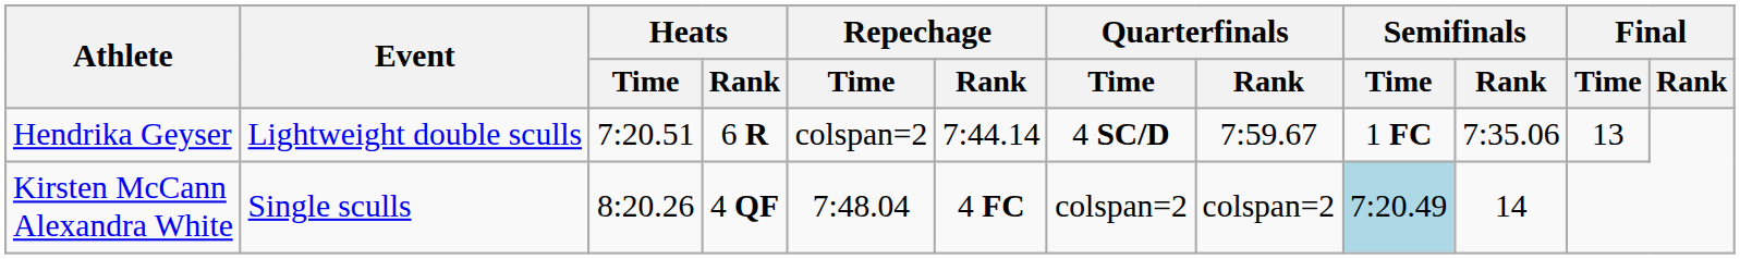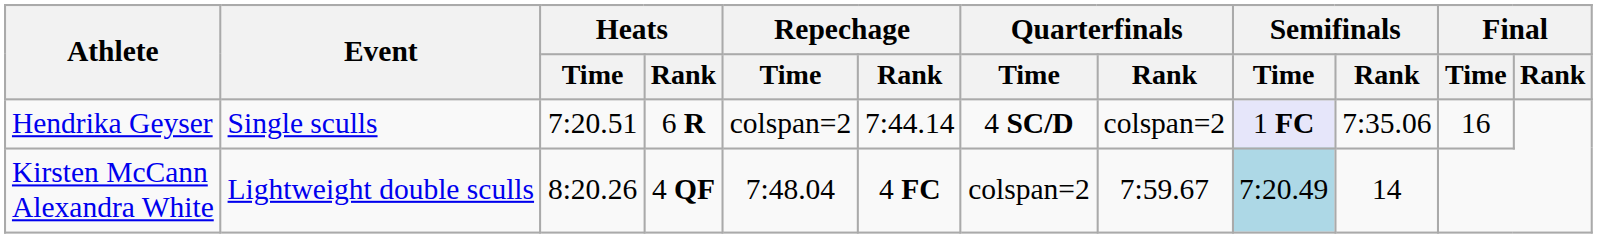 <table class="wikitable" style="font-size:90%">
 <tr>
 <th rowspan="2">Athlete</th>
 <th rowspan="2">Event</th>
 <th colspan="2">Heats</th>
 <th colspan="2">Repechage</th>
 <th colspan="2">Quarterfinals</th>
 <th colspan="2">Semifinals</th>
 <th colspan="2">Final</th>
 </tr>
 <tr style="font-size:95%">
 <th>Time</th>
 <th>Rank</th>
 <th>Time</th>
 <th>Rank</th>
 <th>Time</th>
 <th>Rank</th>
 <th>Time</th>
 <th>Rank</th>
 <th>Time</th>
 <th>Rank</th>
 </tr>
 <tr align=center>
 <td align=left><a href='#'>Hendrika Geyser</a></td>
-<td align=left><a href='#'>Lightweight double sculls</a></td>
+<td align=left><a href='#'>Single sculls</a></td>
 <td>7:20.51</td>
 <td>6 <strong>R</strong></td>
 <td>colspan=2 </td>
 <td>7:44.14</td>
 <td>4 <strong>SC/D</strong></td>
-<td>7:59.67</td>
-<td>1 <strong>FC</strong></td>
+<td>colspan=2 </td>
+<td style="background: lavender;">1 <strong>FC</strong></td>
 <td>7:35.06</td>
-<td>13</td>
+<td>16</td>
 </tr>
 <tr align=center>
 <td align=left><a href='#'>Kirsten McCann</a><br><a href='#'>Alexandra White</a></td>
-<td align=left><a href='#'>Single sculls</a></td>
+<td align=left><a href='#'>Lightweight double sculls</a></td>
 <td>8:20.26</td>
 <td>4 <strong>QF</strong></td>
 <td>7:48.04</td>
 <td>4 <strong>FC</strong></td>
 <td>colspan=2 </td>
-<td>colspan=2 </td>
+<td>7:59.67</td>
 <td style="background: lightblue;">7:20.49</td>
 <td>14</td>
 </tr>
 </table>
